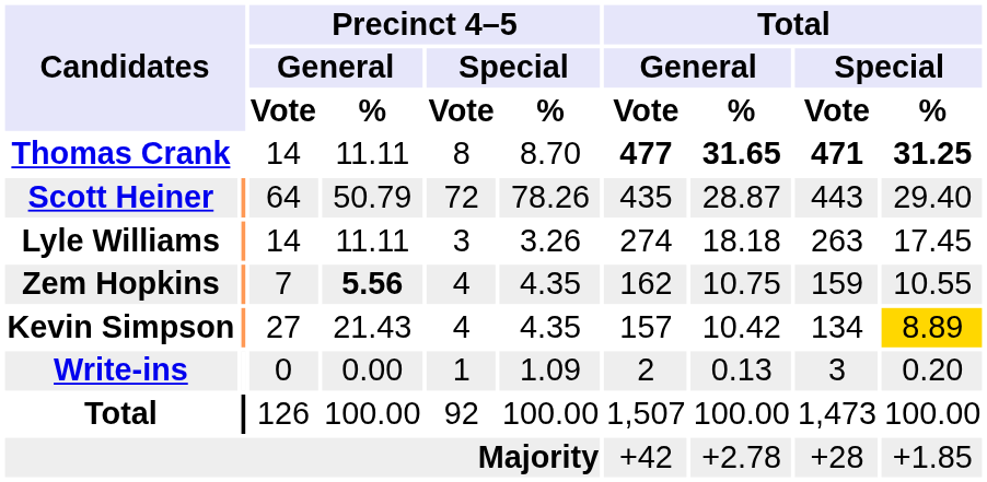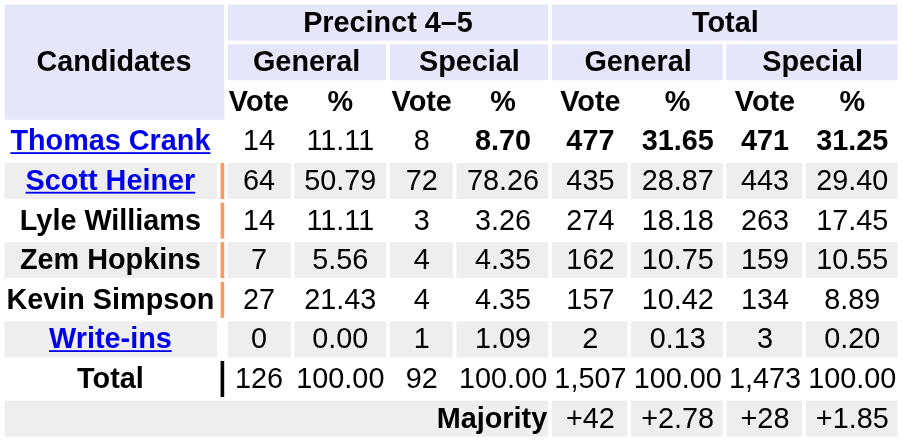 <table class="toccolours sortable" style="text-align:center;">
 <tr style="background:lavender">
 <th rowspan="3" colspan="2">Candidates</th>
 <th colspan=4>Precinct 4–5</th>
 <th colspan=4>Total</th>
 </tr>
 <tr style="background:lavender">
 <th colspan=2>General</th>
 <th colspan=2>Special</th>
 <th colspan=2>General</th>
 <th colspan=2>Special</th>
 </tr>
 <tr>
 <th align="center">Vote</th>
 <th align="center">%</th>
 <th align="center">Vote</th>
 <th align="center">%</th>
 <th align="center">Vote</th>
 <th align="center">%</th>
 <th align="center">Vote</th>
 <th align="center">%</th>
 </tr>
 <tr>
 <th><a href='#'>Thomas Crank</a></th>
 <td style="background-color:"></td>
 <td>14</td>
 <td>11.11</td>
 <td>8</td>
-<td>8.70</td>
+<td><strong>8.70</strong></td>
 <td><strong>477</strong></td>
 <td><strong>31.65</strong></td>
 <td><strong>471</strong></td>
 <td><strong>31.25</strong></td>
 </tr>
 <tr style="background:#EEEEEE;">
 <th><a href='#'>Scott Heiner</a></th>
 <td style="background-color:#FF9955"></td>
 <td>64</td>
 <td>50.79</td>
 <td>72</td>
 <td>78.26</td>
 <td>435</td>
 <td>28.87</td>
 <td>443</td>
 <td>29.40</td>
 </tr>
 <tr>
 <th>Lyle Williams</th>
 <td style="background-color:#FF9955"></td>
 <td>14</td>
 <td>11.11</td>
 <td>3</td>
 <td>3.26</td>
 <td>274</td>
 <td>18.18</td>
 <td>263</td>
 <td>17.45</td>
 </tr>
 <tr style="background:#EEEEEE;">
 <th>Zem Hopkins</th>
 <td style="background-color:#FF9955"></td>
 <td>7</td>
-<td><strong>5.56</strong></td>
+<td>5.56</td>
 <td>4</td>
 <td>4.35</td>
 <td>162</td>
 <td>10.75</td>
 <td>159</td>
 <td>10.55</td>
 </tr>
 <tr>
 <th>Kevin Simpson</th>
 <td style="background-color:#FF9955"></td>
 <td>27</td>
 <td>21.43</td>
 <td>4</td>
 <td>4.35</td>
 <td>157</td>
 <td>10.42</td>
 <td>134</td>
-<td style="background: gold;">8.89</td>
+<td>8.89</td>
 </tr>
 <tr style="background:#EEEEEE;">
 <th><a href='#'>Write-ins</a></th>
 <td style="background-color:#ffffff"></td>
 <td>0</td>
 <td>0.00</td>
 <td>1</td>
 <td>1.09</td>
 <td>2</td>
 <td>0.13</td>
 <td>3</td>
 <td>0.20</td>
 </tr>
 <tr>
 <th>Total</th>
 <td style="background-color:#000000"></td>
 <td>126</td>
 <td>100.00</td>
 <td>92</td>
 <td>100.00</td>
 <td>1,507</td>
 <td>100.00</td>
 <td>1,473</td>
 <td>100.00</td>
 </tr>
 <tr style="background:#EEEEEE;">
 <th colspan=6 style="text-align:right;">Majority</th>
 <td>+42</td>
 <td>+2.78</td>
 <td>+28</td>
 <td>+1.85</td>
 </tr>
 </table>
